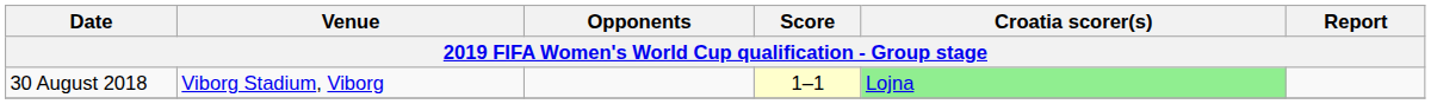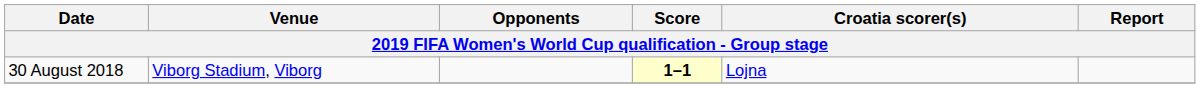 <table class="wikitable" style="font-size:95%;">
 <tr>
 <th width=125>Date</th>
 <th width=260>Venue</th>
 <th width=170>Opponents</th>
 <th width= 75>Score</th>
 <th width=320>Croatia scorer(s)</th>
 <th width=100>Report</th>
 </tr>
 <tr>
 <th colspan=7><a href='#'>2019 FIFA Women's World Cup qualification - Group stage</a></th>
 </tr>
 <tr>
 <td>30 August 2018</td>
 <td><a href='#'>Viborg Stadium</a>, <a href='#'>Viborg</a></td>
 <td></td>
-<td align=center bgcolor=#FFFFCC>1–1</td>
-<td style="background: lightgreen;"><a href='#'>Lojna</a></td>
+<td align=center bgcolor=#FFFFCC><strong>1–1</strong></td>
+<td><a href='#'>Lojna</a></td>
 <td></td>
 </tr>
 <tr>
 </tr>
 </table>
